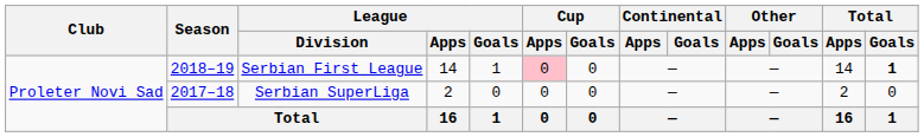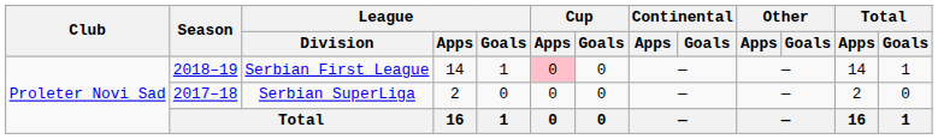 <table class="wikitable" style="text-align: center;font-size:90%">
 <tr>
 <th rowspan="2">Club</th>
 <th rowspan="2">Season</th>
 <th colspan="3">League</th>
 <th colspan="2">Cup</th>
 <th colspan="2">Continental</th>
 <th colspan="2">Other</th>
 <th colspan="2">Total</th>
 </tr>
 <tr>
 <th>Division</th>
 <th>Apps</th>
 <th>Goals</th>
 <th>Apps</th>
 <th>Goals</th>
 <th>Apps</th>
 <th>Goals</th>
 <th>Apps</th>
 <th>Goals</th>
 <th>Apps</th>
 <th>Goals</th>
 </tr>
 <tr>
 <td rowspan="3"><a href='#'>Proleter Novi Sad</a></td>
 <td><a href='#'>2018–19</a></td>
 <td><a href='#'>Serbian First League</a></td>
 <td>14</td>
 <td>1</td>
 <td style="background: pink;">0</td>
 <td>0</td>
 <td colspan="2">—</td>
 <td colspan="2">—</td>
 <td>14</td>
-<td><strong>1</strong></td>
+<td>1</td>
 </tr>
 <tr>
 <td><a href='#'>2017–18</a></td>
 <td><a href='#'>Serbian SuperLiga</a></td>
 <td>2</td>
 <td>0</td>
 <td>0</td>
 <td>0</td>
 <td colspan="2">—</td>
 <td colspan="2">—</td>
 <td>2</td>
 <td>0</td>
 </tr>
 <tr>
 <th colspan="2">Total</th>
 <th>16</th>
 <th>1</th>
 <th>0</th>
 <th>0</th>
 <th colspan="2">—</th>
 <th colspan="2">—</th>
 <th>16</th>
 <th>1</th>
 </tr>
 </table>
